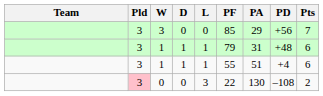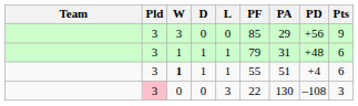 <table class="wikitable" style="text-align:center;">
 <tr>
 <th width=175>Team</th>
 <th width=25 abbr="Played">Pld</th>
 <th width=25 abbr="Won">W</th>
 <th width=25 abbr="Drawn">D</th>
 <th width=25 abbr="Lost">L</th>
 <th width=32 abbr="Points for">PF</th>
 <th width=32 abbr="Points against">PA</th>
 <th width=32 abbr="Points difference">PD</th>
 <th width=25 abbr="Points">Pts</th>
 </tr>
 <tr bgcolor=ccffcc>
 <td align=left></td>
 <td>3</td>
 <td>3</td>
 <td>0</td>
 <td>0</td>
 <td>85</td>
 <td>29</td>
 <td>+56</td>
-<td>7</td>
+<td>9</td>
 </tr>
 <tr bgcolor=ccffcc>
 <td align=left></td>
 <td>3</td>
 <td>1</td>
 <td>1</td>
 <td>1</td>
 <td>79</td>
 <td>31</td>
 <td>+48</td>
 <td>6</td>
 </tr>
 <tr>
 <td align=left></td>
 <td>3</td>
-<td>1</td>
+<td><strong>1</strong></td>
 <td>1</td>
 <td>1</td>
 <td>55</td>
 <td>51</td>
 <td>+4</td>
 <td>6</td>
 </tr>
 <tr>
 <td align=left></td>
 <td style="background: pink;">3</td>
 <td>0</td>
 <td>0</td>
 <td>3</td>
 <td>22</td>
 <td>130</td>
 <td>–108</td>
-<td>2</td>
+<td>3</td>
 </tr>
 </table>
